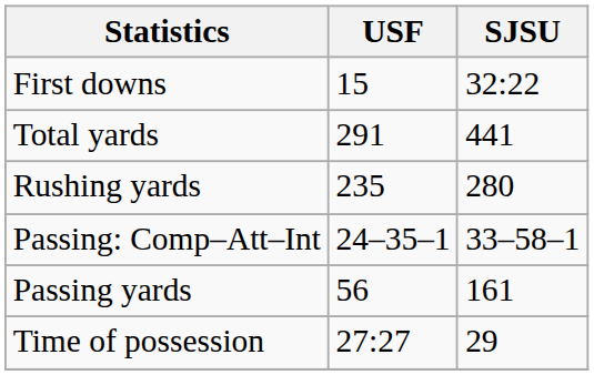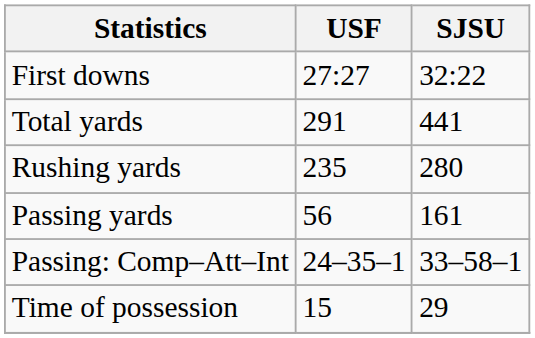 <table class="wikitable" style="float: left;">
 <tr>
 <th>Statistics</th>
 <th>USF</th>
 <th>SJSU</th>
 </tr>
 <tr>
 <td>First downs</td>
-<td>15</td>
+<td>27:27</td>
 <td>32:22</td>
 </tr>
 <tr>
 <td>Total yards</td>
 <td>291</td>
 <td>441</td>
 </tr>
 <tr>
 <td>Rushing yards</td>
 <td>235</td>
 <td>280</td>
 </tr>
 <tr>
+<td>Passing yards</td>
+<td>56</td>
+<td>161</td>
+</tr>
+<tr>
 <td>Passing: Comp–Att–Int</td>
 <td>24–35–1</td>
 <td>33–58–1</td>
 </tr>
 <tr>
-<td>Passing yards</td>
-<td>56</td>
-<td>161</td>
-</tr>
-<tr>
 <td>Time of possession</td>
-<td>27:27</td>
+<td>15</td>
 <td>29</td>
 </tr>
 <tr>
 </tr>
 </table>
